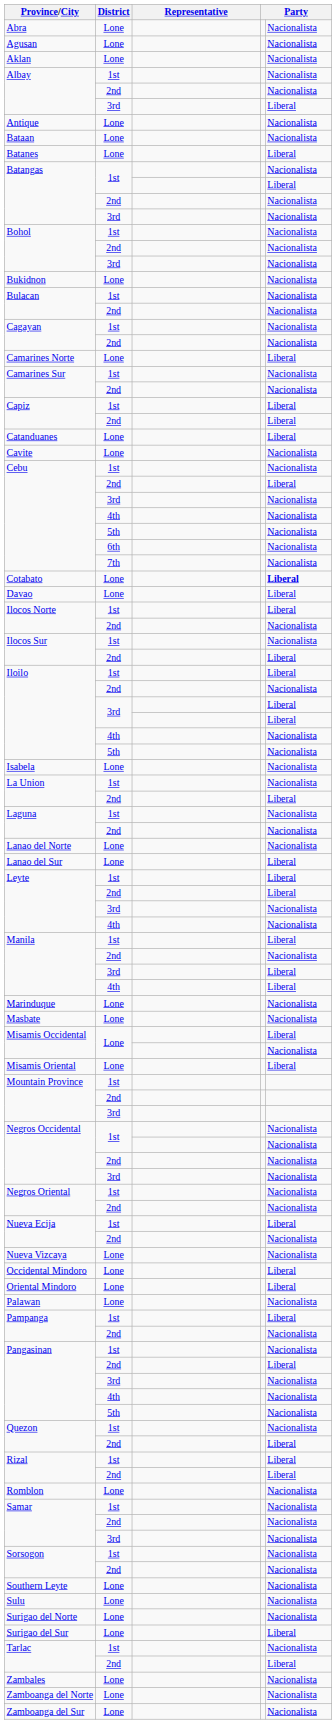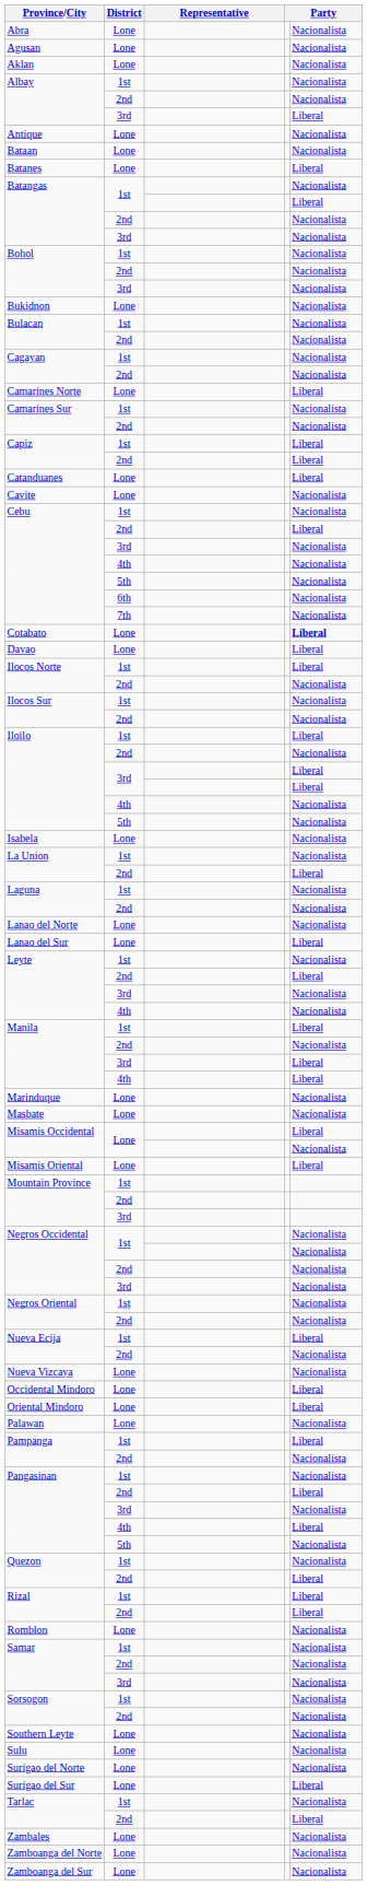 <table class="wikitable sortable">
 <tr>
 <th><a href='#'>Province</a>/<a href='#'>City</a></th>
 <th><a href='#'>District</a></th>
 <th width="200px"><a href='#'>Representative</a></th>
 <th colspan="2"><a href='#'>Party</a></th>
 </tr>
 <tr>
 <td valign="top"><a href='#'>Abra</a></td>
 <td align="center"><a href='#'>Lone</a></td>
 <td></td>
 <td></td>
 <td width="100px"><a href='#'>Nacionalista</a></td>
 </tr>
 <tr>
 <td valign="top"><a href='#'>Agusan</a></td>
 <td align="center"><a href='#'>Lone</a></td>
 <td></td>
 <td></td>
 <td><a href='#'>Nacionalista</a></td>
 </tr>
 <tr>
 <td valign="top"><a href='#'>Aklan</a></td>
 <td align="center"><a href='#'>Lone</a></td>
 <td></td>
 <td></td>
 <td><a href='#'>Nacionalista</a></td>
 </tr>
 <tr>
 <td rowspan="3" valign="top"><a href='#'>Albay</a></td>
 <td align="center"><a href='#'>1st</a></td>
 <td></td>
 <td></td>
 <td><a href='#'>Nacionalista</a></td>
 </tr>
 <tr>
 <td align="center"><a href='#'>2nd</a></td>
 <td></td>
 <td></td>
 <td><a href='#'>Nacionalista</a></td>
 </tr>
 <tr>
 <td align="center"><a href='#'>3rd</a></td>
 <td></td>
 <td></td>
 <td><a href='#'>Liberal</a></td>
 </tr>
 <tr>
 <td><a href='#'>Antique</a></td>
 <td align="center"><a href='#'>Lone</a></td>
 <td></td>
 <td></td>
 <td><a href='#'>Nacionalista</a></td>
 </tr>
 <tr>
 <td valign="top"><a href='#'>Bataan</a></td>
 <td align="center"><a href='#'>Lone</a></td>
 <td></td>
 <td></td>
 <td><a href='#'>Nacionalista</a></td>
 </tr>
 <tr>
 <td valign="top"><a href='#'>Batanes</a></td>
 <td align="center"><a href='#'>Lone</a></td>
 <td></td>
 <td></td>
 <td><a href='#'>Liberal</a></td>
 </tr>
 <tr>
 <td rowspan="4" valign="top"><a href='#'>Batangas</a></td>
 <td rowspan="2" align="center"><a href='#'>1st</a></td>
 <td></td>
 <td></td>
 <td><a href='#'>Nacionalista</a></td>
 </tr>
 <tr>
 <td></td>
 <td></td>
 <td><a href='#'>Liberal</a></td>
 </tr>
 <tr>
 <td align="center"><a href='#'>2nd</a></td>
 <td></td>
 <td></td>
 <td><a href='#'>Nacionalista</a></td>
 </tr>
 <tr>
 <td align="center"><a href='#'>3rd</a></td>
 <td></td>
 <td></td>
 <td><a href='#'>Nacionalista</a></td>
 </tr>
 <tr>
 <td rowspan="3" valign="top"><a href='#'>Bohol</a></td>
 <td align="center"><a href='#'>1st</a></td>
 <td></td>
 <td></td>
 <td><a href='#'>Nacionalista</a></td>
 </tr>
 <tr>
 <td align="center"><a href='#'>2nd</a></td>
 <td></td>
 <td></td>
 <td><a href='#'>Nacionalista</a></td>
 </tr>
 <tr>
 <td align="center"><a href='#'>3rd</a></td>
 <td></td>
 <td></td>
 <td><a href='#'>Nacionalista</a></td>
 </tr>
 <tr>
 <td valign="top"><a href='#'>Bukidnon</a></td>
 <td align="center"><a href='#'>Lone</a></td>
 <td></td>
 <td></td>
 <td><a href='#'>Nacionalista</a></td>
 </tr>
 <tr>
 <td rowspan="2" valign="top"><a href='#'>Bulacan</a></td>
 <td align="center"><a href='#'>1st</a></td>
 <td></td>
 <td></td>
 <td><a href='#'>Nacionalista</a></td>
 </tr>
 <tr>
 <td align="center"><a href='#'>2nd</a></td>
 <td></td>
 <td></td>
 <td><a href='#'>Nacionalista</a></td>
 </tr>
 <tr>
 <td rowspan="2" valign="top"><a href='#'>Cagayan</a></td>
 <td align="center"><a href='#'>1st</a></td>
 <td></td>
 <td></td>
 <td><a href='#'>Nacionalista</a></td>
 </tr>
 <tr>
 <td align="center"><a href='#'>2nd</a></td>
 <td></td>
 <td></td>
 <td><a href='#'>Nacionalista</a></td>
 </tr>
 <tr>
 <td valign="top"><a href='#'>Camarines Norte</a></td>
 <td align="center"><a href='#'>Lone</a></td>
 <td></td>
 <td></td>
 <td><a href='#'>Liberal</a></td>
 </tr>
 <tr>
 <td rowspan="2" valign="top"><a href='#'>Camarines Sur</a></td>
 <td align="center"><a href='#'>1st</a></td>
 <td></td>
 <td></td>
 <td><a href='#'>Nacionalista</a></td>
 </tr>
 <tr>
 <td align="center"><a href='#'>2nd</a></td>
 <td></td>
 <td></td>
 <td><a href='#'>Nacionalista</a></td>
 </tr>
 <tr>
 <td rowspan="2" valign="top"><a href='#'>Capiz</a></td>
 <td align="center"><a href='#'>1st</a></td>
 <td></td>
 <td></td>
 <td><a href='#'>Liberal</a></td>
 </tr>
 <tr>
 <td align="center"><a href='#'>2nd</a></td>
 <td></td>
 <td></td>
 <td><a href='#'>Liberal</a></td>
 </tr>
 <tr>
 <td valign="top"><a href='#'>Catanduanes</a></td>
 <td align="center"><a href='#'>Lone</a></td>
 <td></td>
 <td></td>
 <td><a href='#'>Liberal</a></td>
 </tr>
 <tr>
 <td valign="top"><a href='#'>Cavite</a></td>
 <td align="center"><a href='#'>Lone</a></td>
 <td></td>
 <td></td>
 <td><a href='#'>Nacionalista</a></td>
 </tr>
 <tr>
 <td rowspan="7" valign="top"><a href='#'>Cebu</a></td>
 <td align="center"><a href='#'>1st</a></td>
 <td></td>
 <td></td>
 <td><a href='#'>Nacionalista</a></td>
 </tr>
 <tr>
 <td align="center"><a href='#'>2nd</a></td>
 <td></td>
 <td></td>
 <td><a href='#'>Liberal</a></td>
 </tr>
 <tr>
 <td align="center"><a href='#'>3rd</a></td>
 <td></td>
 <td></td>
 <td><a href='#'>Nacionalista</a></td>
 </tr>
 <tr>
 <td align="center"><a href='#'>4th</a></td>
 <td></td>
 <td></td>
 <td><a href='#'>Nacionalista</a></td>
 </tr>
 <tr>
 <td align="center"><a href='#'>5th</a></td>
 <td></td>
 <td></td>
 <td><a href='#'>Nacionalista</a></td>
 </tr>
 <tr>
 <td align="center"><a href='#'>6th</a></td>
 <td></td>
 <td></td>
 <td><a href='#'>Nacionalista</a></td>
 </tr>
 <tr>
 <td align="center"><a href='#'>7th</a></td>
 <td></td>
 <td></td>
 <td><a href='#'>Nacionalista</a></td>
 </tr>
 <tr>
 <td valign="top"><a href='#'>Cotabato</a></td>
 <td align="center"><a href='#'>Lone</a></td>
 <td></td>
 <td></td>
 <td><strong><a href='#'>Liberal</a></strong></td>
 </tr>
 <tr>
 <td valign="top"><a href='#'>Davao</a></td>
 <td align="center"><a href='#'>Lone</a></td>
 <td></td>
 <td></td>
 <td><a href='#'>Liberal</a></td>
 </tr>
 <tr>
 <td rowspan="2" valign="top"><a href='#'>Ilocos Norte</a></td>
 <td align="center"><a href='#'>1st</a></td>
 <td></td>
 <td></td>
 <td><a href='#'>Liberal</a></td>
 </tr>
 <tr>
 <td align="center"><a href='#'>2nd</a></td>
 <td></td>
 <td></td>
 <td><a href='#'>Nacionalista</a></td>
 </tr>
 <tr>
 <td rowspan="2" valign="top"><a href='#'>Ilocos Sur</a></td>
 <td align="center"><a href='#'>1st</a></td>
 <td></td>
 <td></td>
 <td><a href='#'>Nacionalista</a></td>
 </tr>
 <tr>
 <td align="center"><a href='#'>2nd</a></td>
 <td></td>
 <td></td>
-<td><a href='#'>Liberal</a></td>
+<td><a href='#'>Nacionalista</a></td>
 </tr>
 <tr>
 <td rowspan="6" valign="top"><a href='#'>Iloilo</a></td>
 <td align="center"><a href='#'>1st</a></td>
 <td></td>
 <td></td>
 <td><a href='#'>Liberal</a></td>
 </tr>
 <tr>
 <td align="center"><a href='#'>2nd</a></td>
 <td></td>
 <td></td>
 <td><a href='#'>Nacionalista</a></td>
 </tr>
 <tr>
 <td rowspan="2" align="center"><a href='#'>3rd</a></td>
 <td></td>
 <td></td>
 <td><a href='#'>Liberal</a></td>
 </tr>
 <tr>
 <td></td>
 <td></td>
 <td><a href='#'>Liberal</a></td>
 </tr>
 <tr>
 <td align="center"><a href='#'>4th</a></td>
 <td></td>
 <td></td>
 <td><a href='#'>Nacionalista</a></td>
 </tr>
 <tr>
 <td align="center"><a href='#'>5th</a></td>
 <td></td>
 <td></td>
 <td><a href='#'>Nacionalista</a></td>
 </tr>
 <tr>
 <td valign="top"><a href='#'>Isabela</a></td>
 <td align="center"><a href='#'>Lone</a></td>
 <td></td>
 <td></td>
 <td><a href='#'>Nacionalista</a></td>
 </tr>
 <tr>
 <td rowspan="2" valign="top"><a href='#'>La Union</a></td>
 <td align="center"><a href='#'>1st</a></td>
 <td></td>
 <td></td>
 <td><a href='#'>Nacionalista</a></td>
 </tr>
 <tr>
 <td align="center"><a href='#'>2nd</a></td>
 <td></td>
 <td></td>
 <td><a href='#'>Liberal</a></td>
 </tr>
 <tr>
 <td rowspan="2" valign="top"><a href='#'>Laguna</a></td>
 <td align="center"><a href='#'>1st</a></td>
 <td></td>
 <td></td>
 <td><a href='#'>Nacionalista</a></td>
 </tr>
 <tr>
 <td align="center"><a href='#'>2nd</a></td>
 <td></td>
 <td></td>
 <td><a href='#'>Nacionalista</a></td>
 </tr>
 <tr>
 <td valign="top"><a href='#'>Lanao del Norte</a></td>
 <td align="center"><a href='#'>Lone</a></td>
 <td></td>
 <td></td>
 <td><a href='#'>Nacionalista</a></td>
 </tr>
 <tr>
 <td valign="top"><a href='#'>Lanao del Sur</a></td>
 <td align="center"><a href='#'>Lone</a></td>
 <td></td>
 <td></td>
 <td><a href='#'>Liberal</a></td>
 </tr>
 <tr>
 <td rowspan="4" valign="top"><a href='#'>Leyte</a></td>
 <td align="center"><a href='#'>1st</a></td>
 <td></td>
 <td></td>
-<td><a href='#'>Liberal</a></td>
+<td><a href='#'>Nacionalista</a></td>
 </tr>
 <tr>
 <td align="center"><a href='#'>2nd</a></td>
 <td></td>
 <td></td>
 <td><a href='#'>Liberal</a></td>
 </tr>
 <tr>
 <td align="center"><a href='#'>3rd</a></td>
 <td></td>
 <td></td>
 <td><a href='#'>Nacionalista</a></td>
 </tr>
 <tr>
 <td align="center"><a href='#'>4th</a></td>
 <td></td>
 <td></td>
 <td><a href='#'>Nacionalista</a></td>
 </tr>
 <tr>
 <td rowspan="4" valign="top"><a href='#'>Manila</a></td>
 <td align="center"><a href='#'>1st</a></td>
 <td></td>
 <td></td>
 <td><a href='#'>Liberal</a></td>
 </tr>
 <tr>
 <td align="center"><a href='#'>2nd</a></td>
 <td></td>
 <td></td>
 <td><a href='#'>Nacionalista</a></td>
 </tr>
 <tr>
 <td align="center"><a href='#'>3rd</a></td>
 <td></td>
 <td></td>
 <td><a href='#'>Liberal</a></td>
 </tr>
 <tr>
 <td align="center"><a href='#'>4th</a></td>
 <td></td>
 <td></td>
 <td><a href='#'>Liberal</a></td>
 </tr>
 <tr>
 <td valign="top"><a href='#'>Marinduque</a></td>
 <td align="center"><a href='#'>Lone</a></td>
 <td></td>
 <td></td>
 <td><a href='#'>Nacionalista</a></td>
 </tr>
 <tr>
 <td valign="top"><a href='#'>Masbate</a></td>
 <td align="center"><a href='#'>Lone</a></td>
 <td></td>
 <td></td>
 <td><a href='#'>Nacionalista</a></td>
 </tr>
 <tr>
 <td rowspan="2" valign="top"><a href='#'>Misamis Occidental</a></td>
 <td rowspan="2" align="center"><a href='#'>Lone</a></td>
 <td></td>
 <td></td>
 <td><a href='#'>Liberal</a></td>
 </tr>
 <tr>
 <td></td>
 <td></td>
 <td><a href='#'>Nacionalista</a></td>
 </tr>
 <tr>
 <td valign="top"><a href='#'>Misamis Oriental</a></td>
 <td align="center"><a href='#'>Lone</a></td>
 <td></td>
 <td></td>
 <td><a href='#'>Liberal</a></td>
 </tr>
 <tr>
 <td rowspan="3" valign="top"><a href='#'>Mountain Province</a></td>
 <td align="center"><a href='#'>1st</a></td>
 <td></td>
 <td></td>
 <td></td>
 </tr>
 <tr>
 <td align="center"><a href='#'>2nd</a></td>
 <td></td>
 <td></td>
 <td></td>
 </tr>
 <tr>
 <td align="center"><a href='#'>3rd</a></td>
 <td></td>
 <td></td>
 <td></td>
 </tr>
 <tr>
 <td rowspan="4" valign="top"><a href='#'>Negros Occidental</a></td>
 <td rowspan="2" align="center"><a href='#'>1st</a></td>
 <td></td>
 <td></td>
 <td><a href='#'>Nacionalista</a></td>
 </tr>
 <tr>
 <td></td>
 <td></td>
 <td><a href='#'>Nacionalista</a></td>
 </tr>
 <tr>
 <td align="center"><a href='#'>2nd</a></td>
 <td></td>
 <td></td>
 <td><a href='#'>Nacionalista</a></td>
 </tr>
 <tr>
 <td align="center"><a href='#'>3rd</a></td>
 <td></td>
 <td></td>
 <td><a href='#'>Nacionalista</a></td>
 </tr>
 <tr>
 <td rowspan="2" valign="top"><a href='#'>Negros Oriental</a></td>
 <td align="center"><a href='#'>1st</a></td>
 <td></td>
 <td></td>
 <td><a href='#'>Nacionalista</a></td>
 </tr>
 <tr>
 <td align="center"><a href='#'>2nd</a></td>
 <td></td>
 <td></td>
 <td><a href='#'>Nacionalista</a></td>
 </tr>
 <tr>
 <td rowspan="2" valign="top"><a href='#'>Nueva Ecija</a></td>
 <td align="center"><a href='#'>1st</a></td>
 <td></td>
 <td></td>
 <td><a href='#'>Liberal</a></td>
 </tr>
 <tr>
 <td align="center"><a href='#'>2nd</a></td>
 <td></td>
 <td></td>
 <td><a href='#'>Nacionalista</a></td>
 </tr>
 <tr>
 <td valign="top"><a href='#'>Nueva Vizcaya</a></td>
 <td align="center"><a href='#'>Lone</a></td>
 <td></td>
 <td></td>
 <td><a href='#'>Nacionalista</a></td>
 </tr>
 <tr>
 <td valign="top"><a href='#'>Occidental Mindoro</a></td>
 <td align="center"><a href='#'>Lone</a></td>
 <td></td>
 <td></td>
 <td><a href='#'>Liberal</a></td>
 </tr>
 <tr>
 <td valign="top"><a href='#'>Oriental Mindoro</a></td>
 <td align="center"><a href='#'>Lone</a></td>
 <td></td>
 <td></td>
 <td><a href='#'>Liberal</a></td>
 </tr>
 <tr>
 <td valign="top"><a href='#'>Palawan</a></td>
 <td align="center"><a href='#'>Lone</a></td>
 <td></td>
 <td></td>
 <td><a href='#'>Nacionalista</a></td>
 </tr>
 <tr>
 <td rowspan="2" valign="top"><a href='#'>Pampanga</a></td>
 <td align="center"><a href='#'>1st</a></td>
 <td></td>
 <td></td>
 <td><a href='#'>Liberal</a></td>
 </tr>
 <tr>
 <td align="center"><a href='#'>2nd</a></td>
 <td></td>
 <td></td>
 <td><a href='#'>Nacionalista</a></td>
 </tr>
 <tr>
 <td rowspan="5" valign="top"><a href='#'>Pangasinan</a></td>
 <td align="center"><a href='#'>1st</a></td>
 <td></td>
 <td></td>
 <td><a href='#'>Nacionalista</a></td>
 </tr>
 <tr>
 <td align="center"><a href='#'>2nd</a></td>
 <td></td>
 <td></td>
 <td><a href='#'>Liberal</a></td>
 </tr>
 <tr>
 <td align="center"><a href='#'>3rd</a></td>
 <td></td>
 <td></td>
 <td><a href='#'>Nacionalista</a></td>
 </tr>
 <tr>
 <td align="center"><a href='#'>4th</a></td>
 <td></td>
 <td></td>
-<td><a href='#'>Nacionalista</a></td>
+<td><a href='#'>Liberal</a></td>
 </tr>
 <tr>
 <td align="center"><a href='#'>5th</a></td>
 <td></td>
 <td></td>
 <td><a href='#'>Nacionalista</a></td>
 </tr>
 <tr>
 <td rowspan="2"  valign="top"><a href='#'>Quezon</a></td>
 <td align="center"><a href='#'>1st</a></td>
 <td></td>
 <td></td>
 <td><a href='#'>Nacionalista</a></td>
 </tr>
 <tr>
 <td align="center"><a href='#'>2nd</a></td>
 <td></td>
 <td></td>
 <td><a href='#'>Liberal</a></td>
 </tr>
 <tr>
 <td rowspan="2" valign="top"><a href='#'>Rizal</a></td>
 <td align="center"><a href='#'>1st</a></td>
 <td></td>
 <td></td>
 <td><a href='#'>Liberal</a></td>
 </tr>
 <tr>
 <td align="center"><a href='#'>2nd</a></td>
 <td></td>
 <td></td>
 <td><a href='#'>Liberal</a></td>
 </tr>
 <tr>
 <td valign="top"><a href='#'>Romblon</a></td>
 <td align="center"><a href='#'>Lone</a></td>
 <td></td>
 <td></td>
 <td><a href='#'>Nacionalista</a></td>
 </tr>
 <tr>
 <td rowspan="3" valign="top"><a href='#'>Samar</a></td>
 <td align="center"><a href='#'>1st</a></td>
 <td></td>
 <td></td>
 <td><a href='#'>Nacionalista</a></td>
 </tr>
 <tr>
 <td align="center"><a href='#'>2nd</a></td>
 <td></td>
 <td></td>
 <td><a href='#'>Nacionalista</a></td>
 </tr>
 <tr>
 <td align="center"><a href='#'>3rd</a></td>
 <td></td>
 <td></td>
 <td><a href='#'>Nacionalista</a></td>
 </tr>
 <tr>
 <td rowspan="2" valign="top"><a href='#'>Sorsogon</a></td>
 <td align="center"><a href='#'>1st</a></td>
 <td></td>
 <td></td>
 <td><a href='#'>Nacionalista</a></td>
 </tr>
 <tr>
 <td align="center"><a href='#'>2nd</a></td>
 <td></td>
 <td></td>
 <td><a href='#'>Nacionalista</a></td>
 </tr>
 <tr>
 <td valign="top"><a href='#'>Southern Leyte</a></td>
 <td align="center"><a href='#'>Lone</a></td>
 <td></td>
 <td></td>
 <td><a href='#'>Nacionalista</a></td>
 </tr>
 <tr>
 <td valign="top"><a href='#'>Sulu</a></td>
 <td align="center"><a href='#'>Lone</a></td>
 <td></td>
 <td></td>
 <td><a href='#'>Nacionalista</a></td>
 </tr>
 <tr>
 <td valign="top"><a href='#'>Surigao del Norte</a></td>
 <td align="center"><a href='#'>Lone</a></td>
 <td></td>
 <td></td>
 <td><a href='#'>Nacionalista</a></td>
 </tr>
 <tr>
 <td valign="top"><a href='#'>Surigao del Sur</a></td>
 <td align="center"><a href='#'>Lone</a></td>
 <td></td>
 <td></td>
 <td><a href='#'>Liberal</a></td>
 </tr>
 <tr>
 <td rowspan="2" valign="top"><a href='#'>Tarlac</a></td>
 <td align="center"><a href='#'>1st</a></td>
 <td></td>
 <td></td>
 <td><a href='#'>Nacionalista</a></td>
 </tr>
 <tr>
 <td align="center"><a href='#'>2nd</a></td>
 <td></td>
 <td></td>
 <td><a href='#'>Liberal</a></td>
 </tr>
 <tr>
 <td valign="top"><a href='#'>Zambales</a></td>
 <td align="center"><a href='#'>Lone</a></td>
 <td></td>
 <td></td>
 <td><a href='#'>Nacionalista</a></td>
 </tr>
 <tr>
 <td valign="top"><a href='#'>Zamboanga del Norte</a></td>
 <td align="center"><a href='#'>Lone</a></td>
 <td></td>
 <td></td>
 <td><a href='#'>Nacionalista</a></td>
 </tr>
 <tr>
 <td valign="top"><a href='#'>Zamboanga del Sur</a></td>
 <td align="center"><a href='#'>Lone</a></td>
 <td></td>
 <td></td>
 <td><a href='#'>Nacionalista</a></td>
 </tr>
 </table>
